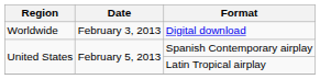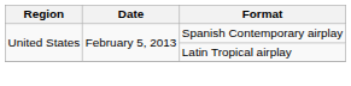 <table class="wikitable plainrowheaders">
 <tr>
 <th scope="col">Region</th>
 <th scope="col">Date</th>
 <th scope="col">Format</th>
-</tr>
-<tr>
-<td scope="row">Worldwide</td>
-<td scope="row">February 3, 2013</td>
-<td scope="row"><a href='#'>Digital download</a></td>
 </tr>
 <tr>
 <td rowspan="2">United States</td>
 <td rowspan="2">February 5, 2013</td>
 <td>Spanish Contemporary airplay</td>
 </tr>
 <tr>
 <td>Latin Tropical airplay</td>
 </tr>
 <tr>
 </tr>
 </table>
